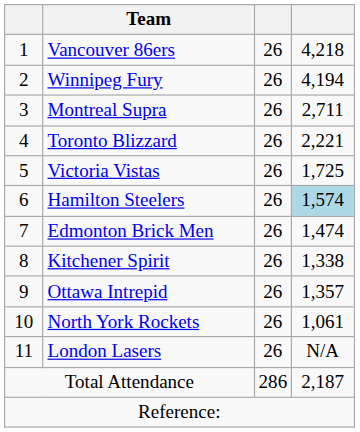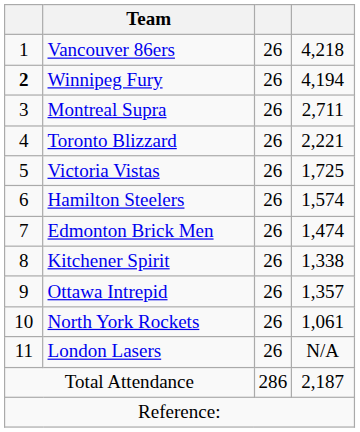 <table class="wikitable">
 <tr>
 <th width="25"></th>
 <th width="170">Team</th>
 <th></th>
 <th width="45"></th>
 </tr>
 <tr>
 <td align="center">1</td>
 <td><a href='#'>Vancouver 86ers</a></td>
 <td align="center">26</td>
 <td align="center">4,218</td>
 </tr>
 <tr>
-<td align="center">2</td>
+<td align="center"><strong>2</strong></td>
 <td><a href='#'>Winnipeg Fury</a></td>
 <td align="center">26</td>
 <td align="center">4,194</td>
 </tr>
 <tr>
 <td align="center">3</td>
 <td><a href='#'>Montreal Supra</a></td>
 <td align="center">26</td>
 <td align="center">2,711</td>
 </tr>
 <tr>
 <td align="center">4</td>
 <td><a href='#'>Toronto Blizzard</a></td>
 <td align="center">26</td>
 <td align="center">2,221</td>
 </tr>
 <tr>
 <td align="center">5</td>
 <td><a href='#'>Victoria Vistas</a></td>
 <td align="center">26</td>
 <td align="center">1,725</td>
 </tr>
 <tr>
 <td align="center">6</td>
 <td><a href='#'>Hamilton Steelers</a></td>
 <td align="center">26</td>
-<td align="center" style="background: lightblue;">1,574</td>
+<td align="center">1,574</td>
 </tr>
 <tr>
 <td align="center">7</td>
 <td><a href='#'>Edmonton Brick Men</a></td>
 <td align="center">26</td>
 <td align="center">1,474</td>
 </tr>
 <tr>
 <td align="center">8</td>
 <td><a href='#'>Kitchener Spirit</a></td>
 <td align="center">26</td>
 <td align="center">1,338</td>
 </tr>
 <tr>
 <td align="center">9</td>
 <td><a href='#'>Ottawa Intrepid</a></td>
 <td align="center">26</td>
 <td align="center">1,357</td>
 </tr>
 <tr>
 <td align="center">10</td>
 <td><a href='#'>North York Rockets</a></td>
 <td align="center">26</td>
 <td align="center">1,061</td>
 </tr>
 <tr>
 <td align="center">11</td>
 <td><a href='#'>London Lasers</a></td>
 <td align="center">26</td>
 <td align="center">N/A</td>
 </tr>
 <tr>
 <td colspan="2" align="center">Total Attendance</td>
 <td align="center">286</td>
 <td align="center">2,187</td>
 </tr>
 <tr>
 <td colspan="4" align="center">Reference:</td>
 </tr>
 </table>
